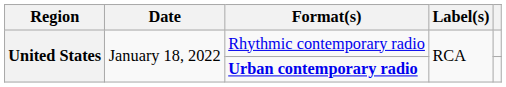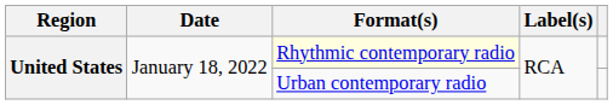 <table class="wikitable plainrowheaders">
 <tr>
 <th scope="col">Region</th>
 <th scope="col">Date</th>
 <th scope="col">Format(s)</th>
 <th scope="col">Label(s)</th>
 <th scope="col"></th>
 </tr>
 <tr>
 <th scope="row" rowspan="2">United States</th>
 <td rowspan="2">January 18, 2022</td>
-<td><a href='#'>Rhythmic contemporary radio</a></td>
+<td style="background: lightyellow;"><a href='#'>Rhythmic contemporary radio</a></td>
 <td rowspan="2">RCA</td>
 <td></td>
 </tr>
 <tr>
-<td><strong><a href='#'>Urban contemporary radio</a></strong></td>
+<td><a href='#'>Urban contemporary radio</a></td>
 <td></td>
 </tr>
 </table>
